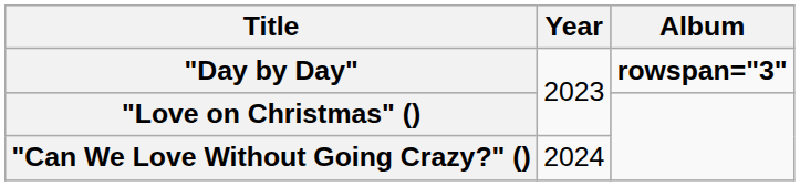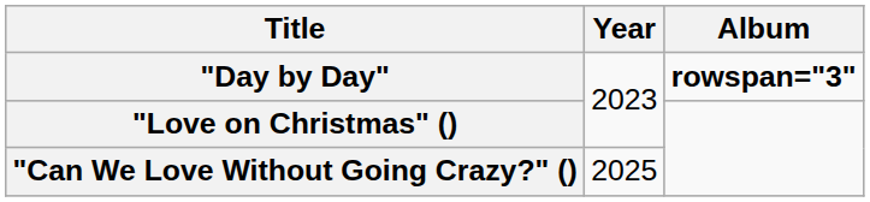 <table class="wikitable plainrowheaders" style="text-align:center;">
 <tr>
 <th scope="col">Title</th>
 <th scope="col">Year</th>
 <th scope="col">Album</th>
 </tr>
 <tr>
 <th scope="row">"Day by Day"<br></th>
 <td rowspan="2">2023</td>
 <td><strong>rowspan="3" </strong></td>
 </tr>
 <tr>
 <th scope="row">"Love on Christmas" ()<br></th>
 </tr>
 <tr>
 <th scope="row">"Can We Love Without Going Crazy?" ()<br></th>
-<td>2024</td>
+<td>2025</td>
 </tr>
 </table>
